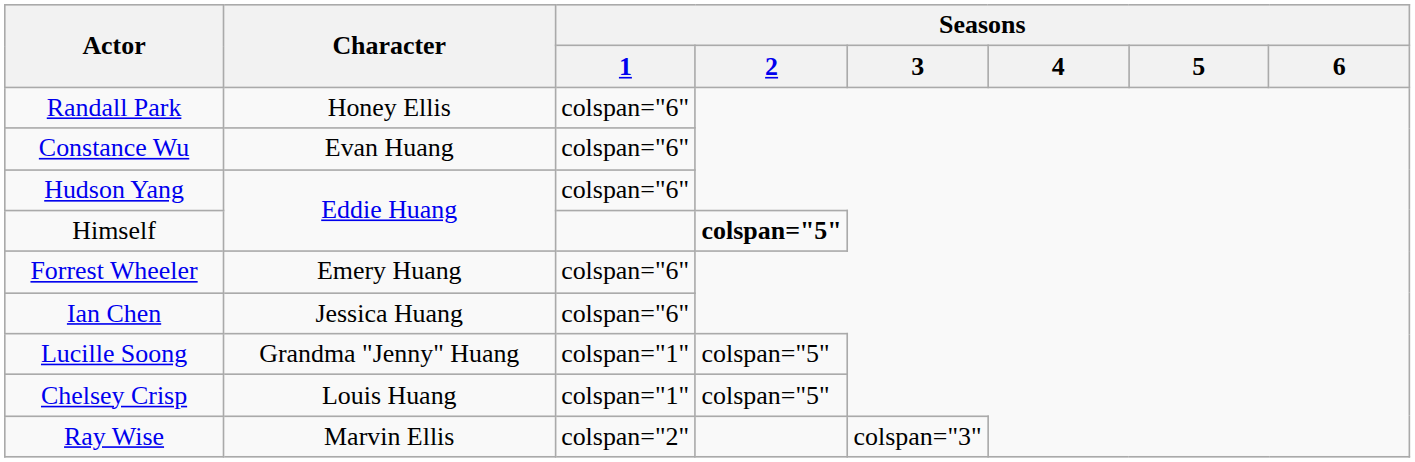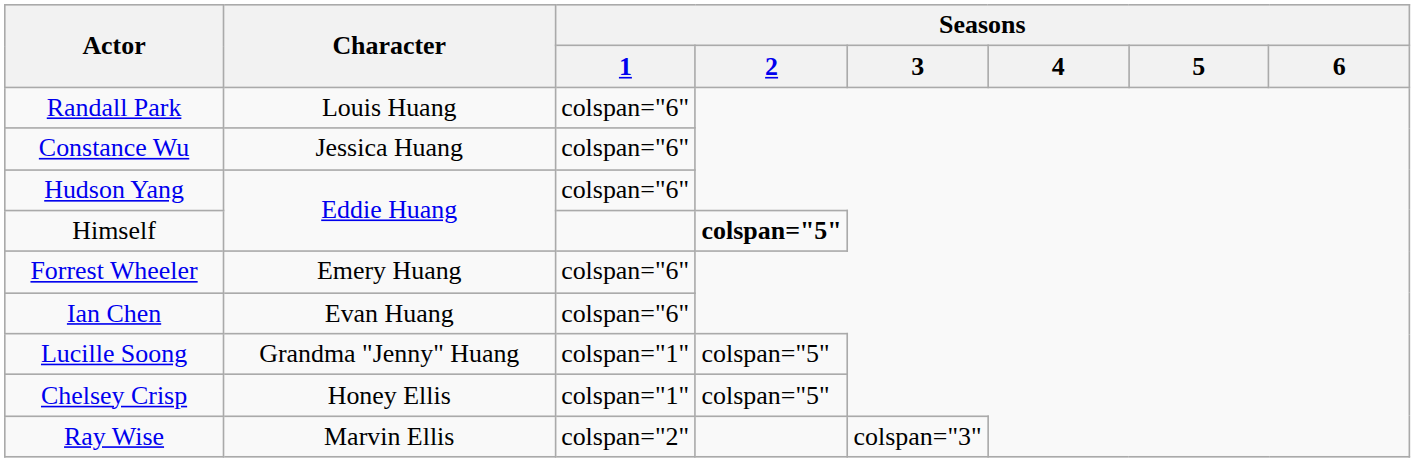 <table class="wikitable">
 <tr>
 <th rowspan="2">Actor</th>
 <th rowspan="2">Character</th>
 <th colspan="6">Seasons</th>
 </tr>
 <tr>
 <th style="width:10%;"><a href='#'>1</a></th>
 <th style="width:10%;"><a href='#'>2</a></th>
 <th style="width:10%;">3</th>
 <th style="width:10%;">4</th>
 <th style="width:10%;">5</th>
 <th style="width:10%;">6</th>
 </tr>
 <tr>
 <td style="text-align:center;"><a href='#'>Randall Park</a></td>
-<td style="text-align:center;">Honey Ellis</td>
+<td style="text-align:center;">Louis Huang</td>
 <td>colspan="6" </td>
 </tr>
 <tr>
 <td style="text-align:center;"><a href='#'>Constance Wu</a></td>
-<td style="text-align:center;">Evan Huang</td>
+<td style="text-align:center;">Jessica Huang</td>
 <td>colspan="6" </td>
 </tr>
 <tr>
 <td style="text-align:center;"><a href='#'>Hudson Yang</a></td>
 <td rowspan="2" style="text-align:center;"><a href='#'>Eddie Huang</a></td>
 <td>colspan="6" </td>
 </tr>
 <tr>
 <td style="text-align:center;">Himself</td>
 <td></td>
 <td><strong>colspan="5" </strong></td>
 </tr>
 <tr>
 <td style="text-align:center;"><a href='#'>Forrest Wheeler</a></td>
 <td style="text-align:center;">Emery Huang</td>
 <td>colspan="6" </td>
 </tr>
 <tr>
 <td style="text-align:center;"><a href='#'>Ian Chen</a></td>
-<td style="text-align:center;">Jessica Huang</td>
+<td style="text-align:center;">Evan Huang</td>
 <td>colspan="6" </td>
 </tr>
 <tr>
 <td style="text-align:center;"><a href='#'>Lucille Soong</a></td>
 <td style="text-align:center;">Grandma "Jenny" Huang</td>
 <td>colspan="1" </td>
 <td>colspan="5" </td>
 </tr>
 <tr>
 <td style="text-align:center;"><a href='#'>Chelsey Crisp</a></td>
-<td style="text-align:center;">Louis Huang</td>
+<td style="text-align:center;">Honey Ellis</td>
 <td>colspan="1" </td>
 <td>colspan="5" </td>
 </tr>
 <tr>
 <td style="text-align:center;"><a href='#'>Ray Wise</a></td>
 <td style="text-align:center;">Marvin Ellis</td>
 <td>colspan="2" </td>
 <td></td>
 <td>colspan="3" </td>
 </tr>
 </table>
